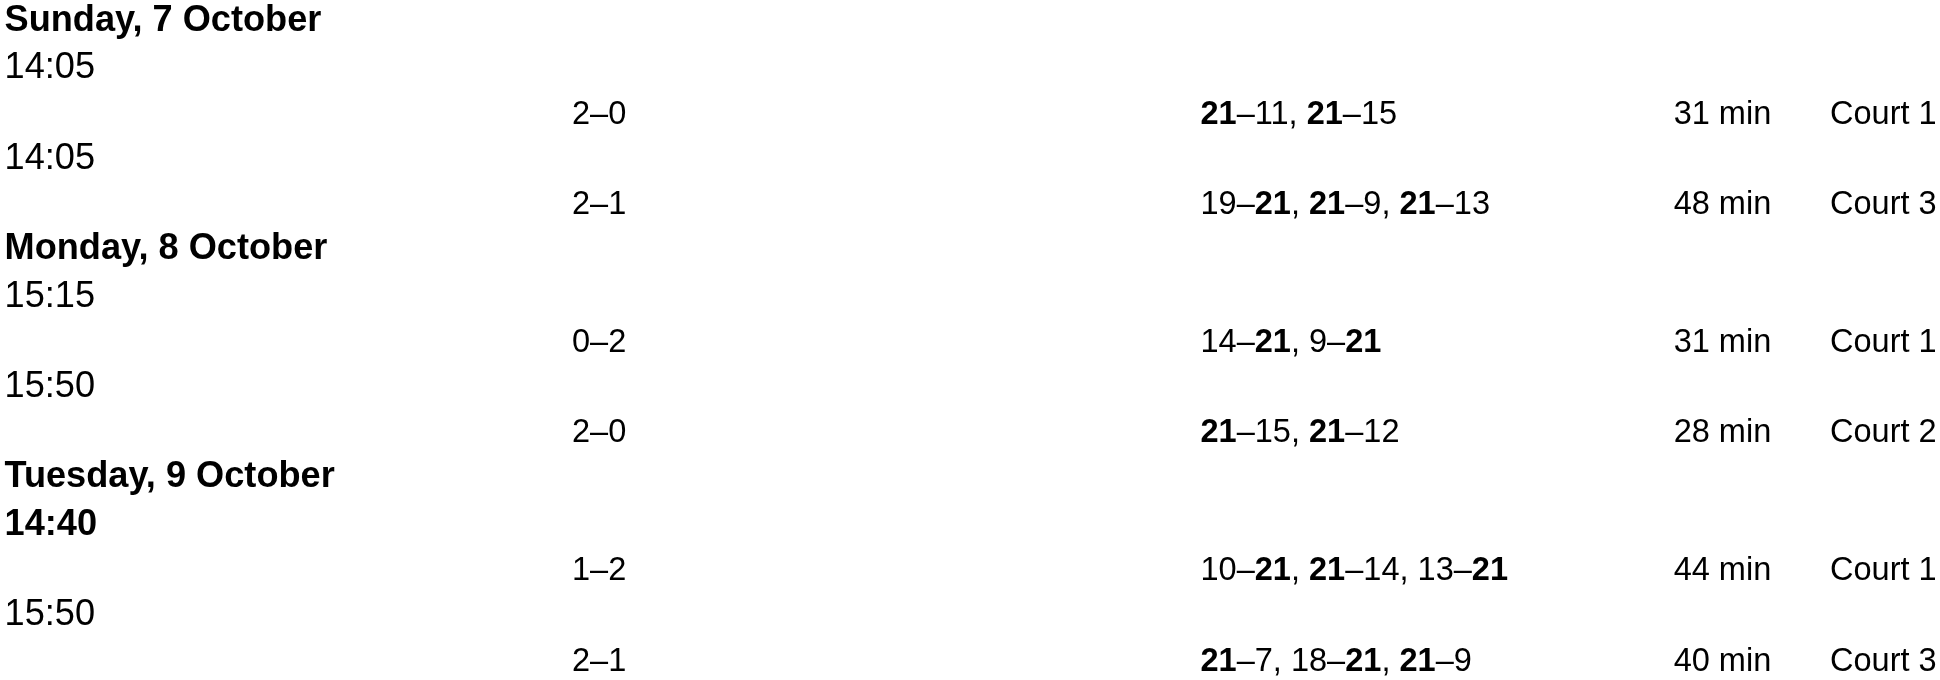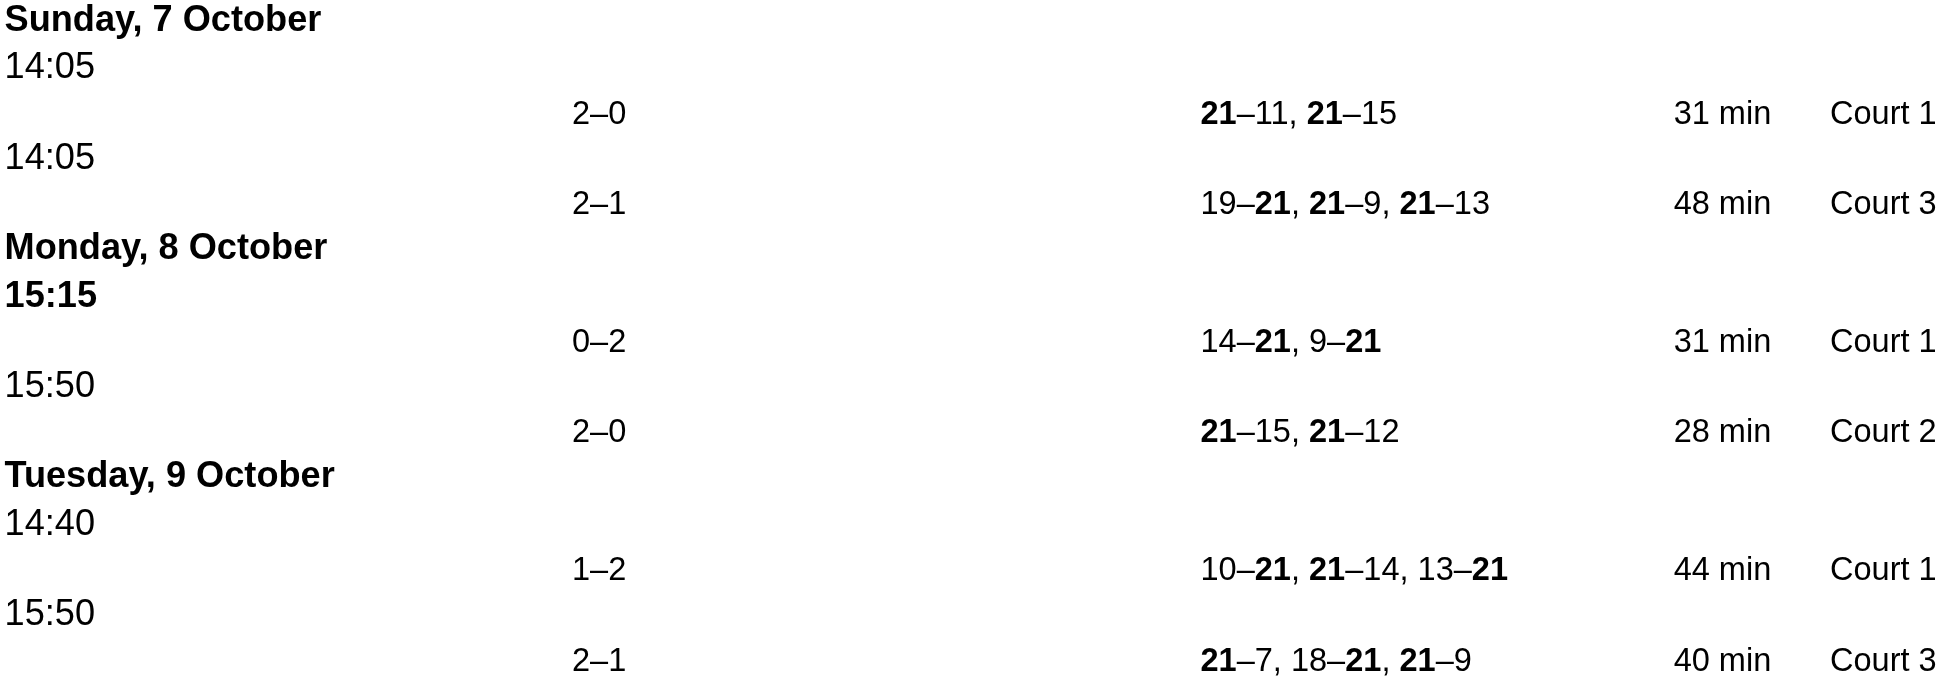 <table style="width:100%;" cellspacing="1">
 <tr>
 <th width=25%></th>
 <th width=10%></th>
 <th width=25%></th>
 </tr>
 <tr>
 <td><strong>Sunday, 7 October</strong></td>
 </tr>
 <tr>
 <td>14:05</td>
 </tr>
 <tr style=font-size:90%>
 <td align=right><strong></strong></td>
 <td align=center>2–0</td>
 <td></td>
 <td><strong>21</strong>–11, <strong>21</strong>–15</td>
 <td>31 min</td>
 <td>Court 1</td>
 </tr>
 <tr>
 <td>14:05</td>
 </tr>
 <tr style=font-size:90%>
 <td align=right><strong></strong></td>
 <td align=center>2–1</td>
 <td></td>
 <td>19–<strong>21</strong>, <strong>21</strong>–9, <strong>21</strong>–13</td>
 <td>48 min</td>
 <td>Court 3</td>
 </tr>
 <tr>
 <td><strong>Monday, 8 October</strong></td>
 </tr>
 <tr>
-<td>15:15</td>
+<td><strong>15:15</strong></td>
 </tr>
 <tr style=font-size:90%>
 <td align=right></td>
 <td align=center>0–2</td>
 <td><strong></strong></td>
 <td>14–<strong>21</strong>, 9–<strong>21</strong></td>
 <td>31 min</td>
 <td>Court 1</td>
 </tr>
 <tr>
 <td>15:50</td>
 </tr>
 <tr style=font-size:90%>
 <td align=right><strong></strong></td>
 <td align=center>2–0</td>
 <td></td>
 <td><strong>21</strong>–15, <strong>21</strong>–12</td>
 <td>28 min</td>
 <td>Court 2</td>
 </tr>
 <tr>
 <td><strong>Tuesday, 9 October</strong></td>
 </tr>
 <tr>
-<td><strong>14:40</strong></td>
+<td>14:40</td>
 </tr>
 <tr style=font-size:90%>
 <td align=right></td>
 <td align=center>1–2</td>
 <td><strong></strong></td>
 <td>10–<strong>21</strong>, <strong>21</strong>–14, 13–<strong>21</strong></td>
 <td>44 min</td>
 <td>Court 1</td>
 </tr>
 <tr>
 <td>15:50</td>
 </tr>
 <tr style=font-size:90%>
 <td align=right><strong></strong></td>
 <td align=center>2–1</td>
 <td></td>
 <td><strong>21</strong>–7, 18–<strong>21</strong>, <strong>21</strong>–9</td>
 <td>40 min</td>
 <td>Court 3</td>
 </tr>
 </table>
